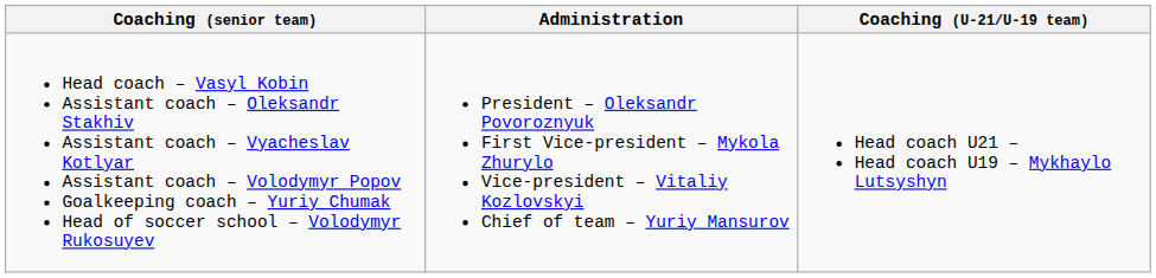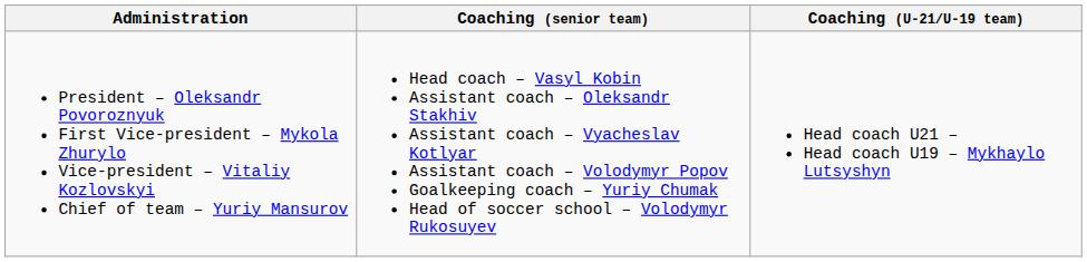 <table class="wikitable">
 <tr>
+<th>Administration</th>
 <th>Coaching <small>(senior team)</small></th>
-<th>Administration</th>
 <th>Coaching <small>(U-21/U-19 team)</small></th>
 </tr>
 <tr>
+<td><br><ul><li>President – <a href='#'>Oleksandr Povoroznyuk</a></li><li>First Vice-president – <a href='#'>Mykola Zhurylo</a></li><li>Vice-president – <a href='#'>Vitaliy Kozlovskyi</a></li><li>Chief of team  – <a href='#'>Yuriy Mansurov</a></li></ul></td>
 <td><br><ul><li>Head coach – <a href='#'>Vasyl Kobin</a></li><li>Assistant coach – <a href='#'>Oleksandr Stakhiv</a></li><li>Assistant coach – <a href='#'>Vyacheslav Kotlyar</a></li><li>Assistant coach – <a href='#'>Volodymyr Popov</a></li><li>Goalkeeping coach – <a href='#'>Yuriy Chumak</a></li><li>Head of soccer school – <a href='#'>Volodymyr Rukosuyev</a></li></ul></td>
-<td><br><ul><li>President – <a href='#'>Oleksandr Povoroznyuk</a></li><li>First Vice-president – <a href='#'>Mykola Zhurylo</a></li><li>Vice-president – <a href='#'>Vitaliy Kozlovskyi</a></li><li>Chief of team  – <a href='#'>Yuriy Mansurov</a></li></ul></td>
 <td><br><ul><li>Head coach U21 –</li><li>Head coach U19 – <a href='#'>Mykhaylo Lutsyshyn</a></li></ul></td>
 </tr>
 </table>
